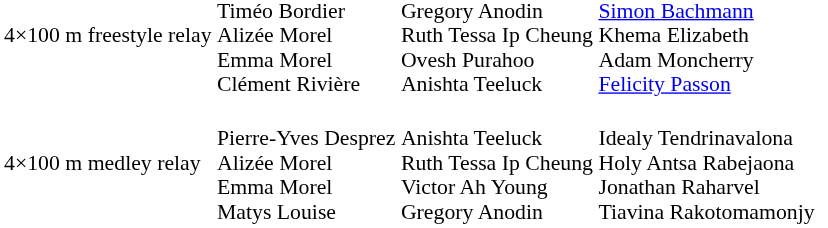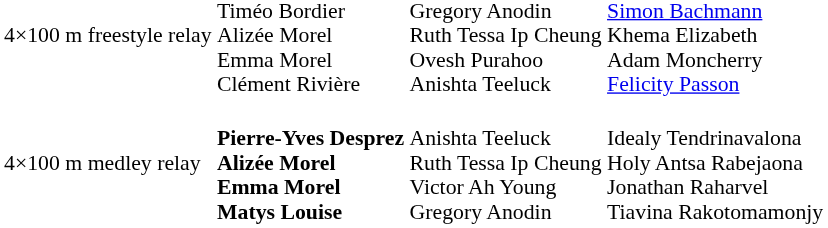 <table>
 <tr>
 <td>4×100 m freestyle relay</td>
 <td nowrap><br>Timéo Bordier<br>Alizée Morel<br>Emma Morel<br>Clément Rivière</td>
 <td nowrap><br>Gregory Anodin<br>Ruth Tessa Ip Cheung<br>Ovesh Purahoo<br>Anishta Teeluck</td>
 <td><br><a href='#'>Simon Bachmann</a><br>Khema Elizabeth<br>Adam Moncherry<br><a href='#'>Felicity Passon</a></td>
 </tr>
 <tr>
 <td>4×100 m medley relay</td>
-<td><br>Pierre-Yves Desprez<br>Alizée Morel<br>Emma Morel<br>Matys Louise</td>
+<td><strong><br>Pierre-Yves Desprez<br>Alizée Morel<br>Emma Morel<br>Matys Louise</strong></td>
 <td><br>Anishta Teeluck<br>Ruth Tessa Ip Cheung<br>Victor Ah Young<br>Gregory Anodin</td>
 <td nowrap><br>Idealy Tendrinavalona<br>Holy Antsa Rabejaona<br>Jonathan Raharvel<br>Tiavina Rakotomamonjy</td>
 </tr>
 </table>
